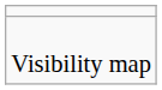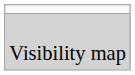 <table class=wikitable>
 <tr>
 <td> </td>
 </tr>
 <tr align=center>
-<td><br>Visibility map</td>
+<td style="background: lightgrey;"><br>Visibility map</td>
 </tr>
 </table>
